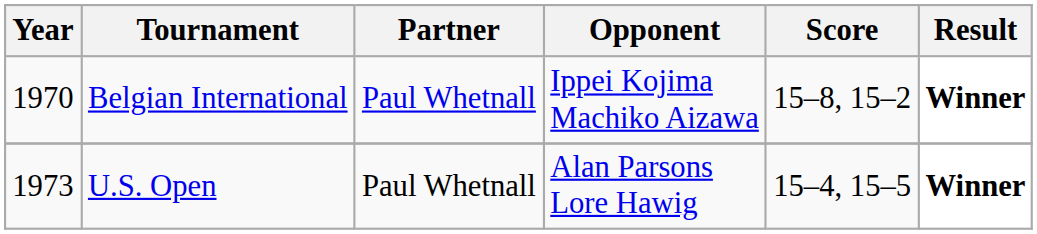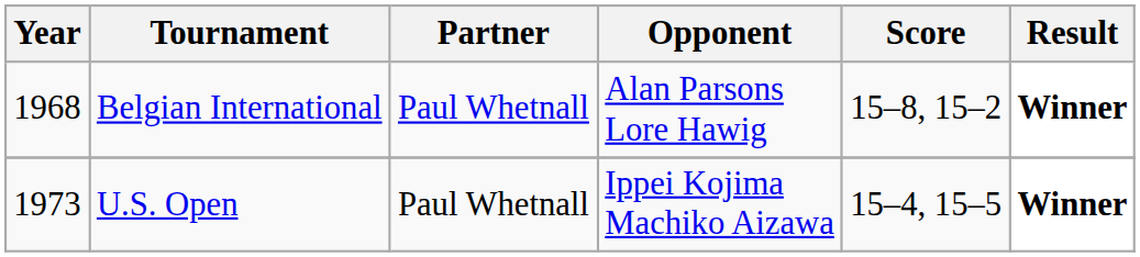 <table class="sortable wikitable" style="font-size: 90%;">
 <tr>
 <th>Year</th>
 <th>Tournament</th>
 <th>Partner</th>
 <th>Opponent</th>
 <th>Score</th>
 <th>Result</th>
 </tr>
 <tr>
-<td align="center">1970</td>
+<td align="center">1968</td>
 <td align="left"><a href='#'>Belgian International</a></td>
 <td align="left"> <a href='#'>Paul Whetnall</a></td>
-<td align="left"> <a href='#'>Ippei Kojima</a><br> <a href='#'>Machiko Aizawa</a></td>
+<td align="left"> <a href='#'>Alan Parsons</a><br> <a href='#'>Lore Hawig</a></td>
 <td align="left">15–8, 15–2</td>
 <td style="text-align:left; background:white"> <strong>Winner</strong></td>
 </tr>
 <tr>
 </tr>
 <tr>
 <td align="center">1973</td>
 <td align="left"><a href='#'>U.S. Open</a></td>
 <td align="left"> Paul Whetnall</td>
-<td align="left"> <a href='#'>Alan Parsons</a><br> <a href='#'>Lore Hawig</a></td>
+<td align="left"> <a href='#'>Ippei Kojima</a><br> <a href='#'>Machiko Aizawa</a></td>
 <td align="left">15–4, 15–5</td>
 <td style="text-align:left; background:white"> <strong>Winner</strong></td>
 </tr>
 </table>
